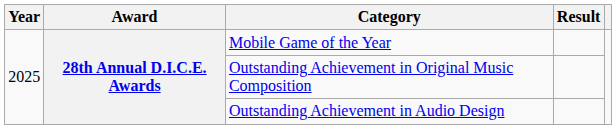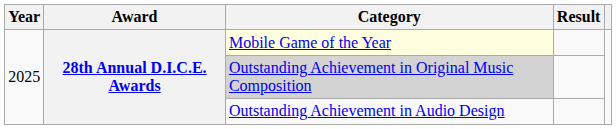 <table class="wikitable sortable plain-row-headers">
 <tr>
 <th scope="col">Year</th>
 <th scope="col">Award</th>
 <th scope="col">Category</th>
 <th scope="col">Result</th>
 <th scope="col" class="unsortable"></th>
 </tr>
 <tr>
 <td rowspan="3" style="text-align:center;">2025</td>
 <th scope="row" rowspan="3"><a href='#'>28th Annual D.I.C.E. Awards</a></th>
-<td><a href='#'>Mobile Game of the Year</a></td>
+<td style="background: lightyellow;"><a href='#'>Mobile Game of the Year</a></td>
 <td></td>
 <td rowspan="6" style="text-align:center;"><br></td>
 </tr>
 <tr>
-<td><a href='#'>Outstanding Achievement in Original Music Composition</a></td>
+<td style="background: lightgrey;"><a href='#'>Outstanding Achievement in Original Music Composition</a></td>
 <td></td>
 </tr>
 <tr>
 <td><a href='#'>Outstanding Achievement in Audio Design</a></td>
 <td></td>
 </tr>
 </table>
